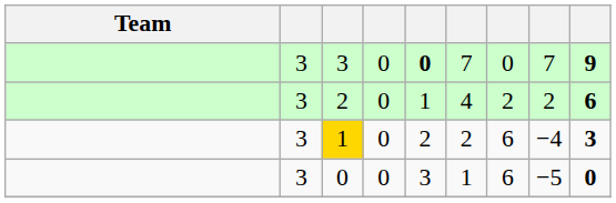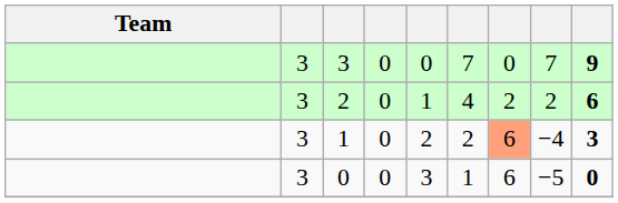 <table class="wikitable" style="text-align: center;">
 <tr>
 <th width="175">Team</th>
 <th width="20"></th>
 <th width="20"></th>
 <th width="20"></th>
 <th width="20"></th>
 <th width="20"></th>
 <th width="20"></th>
 <th width="20"></th>
 <th width="20"></th>
 </tr>
 <tr bgcolor="#ccffcc">
 <td align=left></td>
 <td>3</td>
 <td>3</td>
 <td>0</td>
-<td><strong>0</strong></td>
+<td>0</td>
 <td>7</td>
 <td>0</td>
 <td>7</td>
 <td><strong>9</strong></td>
 </tr>
 <tr bgcolor="#ccffcc">
 <td align=left></td>
 <td>3</td>
 <td>2</td>
 <td>0</td>
 <td>1</td>
 <td>4</td>
 <td>2</td>
 <td>2</td>
 <td><strong>6</strong></td>
 </tr>
 <tr>
 <td align=left></td>
 <td>3</td>
-<td style="background: gold;">1</td>
+<td>1</td>
 <td>0</td>
 <td>2</td>
 <td>2</td>
-<td>6</td>
+<td style="background: lightsalmon;">6</td>
 <td>−4</td>
 <td><strong>3</strong></td>
 </tr>
 <tr>
 <td align=left></td>
 <td>3</td>
 <td>0</td>
 <td>0</td>
 <td>3</td>
 <td>1</td>
 <td>6</td>
 <td>−5</td>
 <td><strong>0</strong></td>
 </tr>
 <tr>
 </tr>
 </table>
